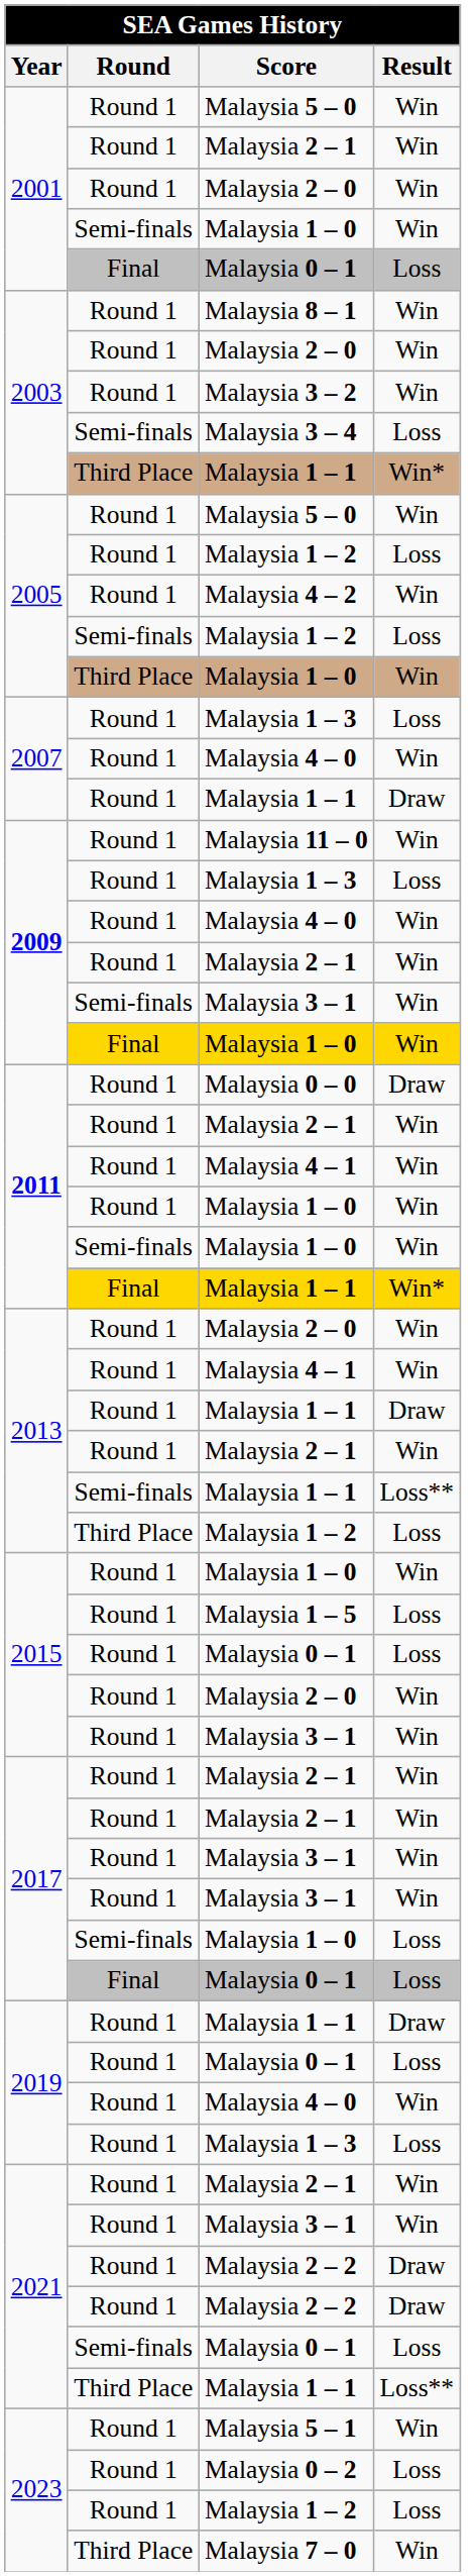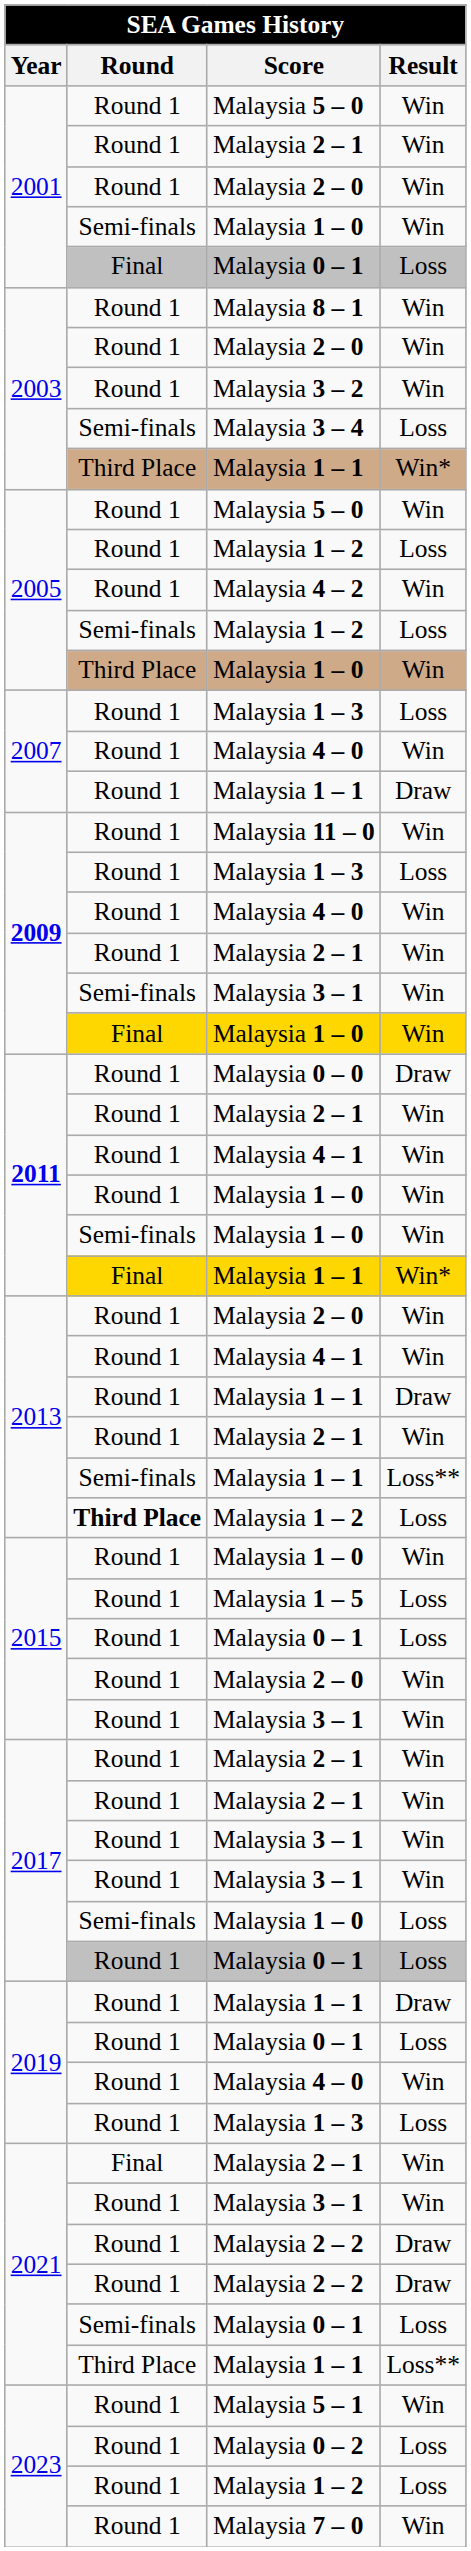 <table class="wikitable collapsible collapsed" style="text-align: center;">
 <tr>
 <th colspan=4 style="background: #000000; color: #FFFFFF;">SEA Games History</th>
 </tr>
 <tr>
 <th>Year</th>
 <th>Round</th>
 <th>Score</th>
 <th>Result</th>
 </tr>
 <tr>
 <td rowspan=5><a href='#'>2001</a></td>
 <td>Round 1</td>
 <td align="left"> Malaysia <strong>5 – 0</strong> </td>
 <td>Win</td>
 </tr>
 <tr>
 <td>Round 1</td>
 <td align="left"> Malaysia <strong>2 – 1</strong> </td>
 <td>Win</td>
 </tr>
 <tr>
 <td>Round 1</td>
 <td align="left"> Malaysia <strong>2 – 0</strong> </td>
 <td>Win</td>
 </tr>
 <tr>
 <td>Semi-finals</td>
 <td align="left"> Malaysia <strong>1 – 0</strong> </td>
 <td>Win</td>
 </tr>
 <tr style="background:silver;">
 <td>Final</td>
 <td align="left"> Malaysia <strong>0 – 1</strong> </td>
 <td>Loss</td>
 </tr>
 <tr>
 <td rowspan=5><a href='#'>2003</a></td>
 <td>Round 1</td>
 <td align="left"> Malaysia <strong>8 – 1</strong> </td>
 <td>Win</td>
 </tr>
 <tr>
 <td>Round 1</td>
 <td align="left"> Malaysia <strong>2 – 0</strong> </td>
 <td>Win</td>
 </tr>
 <tr>
 <td>Round 1</td>
 <td align="left"> Malaysia <strong>3 – 2</strong> </td>
 <td>Win</td>
 </tr>
 <tr>
 <td>Semi-finals</td>
 <td align="left"> Malaysia <strong>3 – 4</strong> </td>
 <td>Loss</td>
 </tr>
 <tr style="background:#cfaa88;">
 <td>Third Place</td>
 <td align="left"> Malaysia <strong>1 – 1</strong> </td>
 <td>Win*</td>
 </tr>
 <tr>
 <td rowspan=5><a href='#'>2005</a></td>
 <td>Round 1</td>
 <td align="left"> Malaysia <strong>5 – 0</strong> </td>
 <td>Win</td>
 </tr>
 <tr>
 <td>Round 1</td>
 <td align="left"> Malaysia <strong>1 – 2</strong> </td>
 <td>Loss</td>
 </tr>
 <tr>
 <td>Round 1</td>
 <td align="left"> Malaysia <strong>4 – 2</strong> </td>
 <td>Win</td>
 </tr>
 <tr>
 <td>Semi-finals</td>
 <td align="left"> Malaysia <strong>1 – 2</strong> </td>
 <td>Loss</td>
 </tr>
 <tr style="background:#cfaa88;">
 <td>Third Place</td>
 <td align="left"> Malaysia <strong>1 – 0</strong> </td>
 <td>Win</td>
 </tr>
 <tr>
 <td rowspan=3><a href='#'>2007</a></td>
 <td>Round 1</td>
 <td align="left"> Malaysia <strong>1 – 3</strong> </td>
 <td>Loss</td>
 </tr>
 <tr>
 <td>Round 1</td>
 <td align="left"> Malaysia <strong>4 – 0</strong> </td>
 <td>Win</td>
 </tr>
 <tr>
 <td>Round 1</td>
 <td align="left"> Malaysia <strong>1 – 1</strong> </td>
 <td>Draw</td>
 </tr>
 <tr>
 <td rowspan=6><strong><a href='#'>2009</a></strong></td>
 <td>Round 1</td>
 <td align="left"> Malaysia <strong>11 – 0</strong> </td>
 <td>Win</td>
 </tr>
 <tr>
 <td>Round 1</td>
 <td align="left"> Malaysia <strong>1 – 3</strong> </td>
 <td>Loss</td>
 </tr>
 <tr>
 <td>Round 1</td>
 <td align="left"> Malaysia <strong>4 – 0</strong> </td>
 <td>Win</td>
 </tr>
 <tr>
 <td>Round 1</td>
 <td align="left"> Malaysia <strong>2 – 1</strong> </td>
 <td>Win</td>
 </tr>
 <tr>
 <td>Semi-finals</td>
 <td align="left"> Malaysia <strong>3 – 1</strong> </td>
 <td>Win</td>
 </tr>
 <tr style="background:Gold;">
 <td>Final</td>
 <td align="left"> Malaysia <strong>1 – 0</strong> </td>
 <td>Win</td>
 </tr>
 <tr>
 <td rowspan=6><strong><a href='#'>2011</a></strong></td>
 <td>Round 1</td>
 <td align="left"> Malaysia <strong>0 – 0</strong> </td>
 <td>Draw</td>
 </tr>
 <tr>
 <td>Round 1</td>
 <td align="left"> Malaysia <strong>2 – 1</strong> </td>
 <td>Win</td>
 </tr>
 <tr>
 <td>Round 1</td>
 <td align="left"> Malaysia <strong>4 – 1</strong> </td>
 <td>Win</td>
 </tr>
 <tr>
 <td>Round 1</td>
 <td align="left"> Malaysia <strong>1 – 0</strong> </td>
 <td>Win</td>
 </tr>
 <tr>
 <td>Semi-finals</td>
 <td align="left"> Malaysia <strong>1 – 0</strong> </td>
 <td>Win</td>
 </tr>
 <tr style="background:Gold;">
 <td>Final</td>
 <td align="left"> Malaysia <strong>1 – 1</strong> </td>
 <td>Win*</td>
 </tr>
 <tr>
 <td rowspan=6><a href='#'>2013</a></td>
 <td>Round 1</td>
 <td align="left"> Malaysia <strong>2 – 0</strong> </td>
 <td>Win</td>
 </tr>
 <tr>
 <td>Round 1</td>
 <td align="left"> Malaysia <strong>4 – 1</strong> </td>
 <td>Win</td>
 </tr>
 <tr>
 <td>Round 1</td>
 <td align="left"> Malaysia <strong>1 – 1</strong> </td>
 <td>Draw</td>
 </tr>
 <tr>
 <td>Round 1</td>
 <td align="left"> Malaysia <strong>2 – 1</strong> </td>
 <td>Win</td>
 </tr>
 <tr>
 <td>Semi-finals</td>
 <td align="left"> Malaysia <strong>1 – 1</strong> </td>
 <td>Loss**</td>
 </tr>
 <tr>
-<td>Third Place</td>
+<td><strong>Third Place</strong></td>
 <td align="left"> Malaysia <strong>1 – 2</strong> </td>
 <td>Loss</td>
 </tr>
 <tr>
 <td rowspan=5><a href='#'>2015</a></td>
 <td>Round 1</td>
 <td align="left"> Malaysia <strong>1 – 0</strong> </td>
 <td>Win</td>
 </tr>
 <tr>
 <td>Round 1</td>
 <td align="left"> Malaysia <strong>1 – 5</strong> </td>
 <td>Loss</td>
 </tr>
 <tr>
 <td>Round 1</td>
 <td align="left"> Malaysia <strong>0 – 1</strong> </td>
 <td>Loss</td>
 </tr>
 <tr>
 <td>Round 1</td>
 <td align="left"> Malaysia <strong>2 – 0</strong> </td>
 <td>Win</td>
 </tr>
 <tr>
 <td>Round 1</td>
 <td align="left"> Malaysia <strong>3 – 1</strong> </td>
 <td>Win</td>
 </tr>
 <tr>
 <td rowspan=6><a href='#'>2017</a></td>
 <td>Round 1</td>
 <td align="left"> Malaysia <strong>2 – 1</strong> </td>
 <td>Win</td>
 </tr>
 <tr>
 <td>Round 1</td>
 <td align="left"> Malaysia <strong>2 – 1</strong> </td>
 <td>Win</td>
 </tr>
 <tr>
 <td>Round 1</td>
 <td align="left"> Malaysia <strong>3 – 1</strong> </td>
 <td>Win</td>
 </tr>
 <tr>
 <td>Round 1</td>
 <td align="left"> Malaysia <strong>3 – 1</strong> </td>
 <td>Win</td>
 </tr>
 <tr>
 <td>Semi-finals</td>
 <td align="left"> Malaysia <strong>1 – 0</strong> </td>
 <td>Loss</td>
 </tr>
 <tr style="background:silver;">
-<td>Final</td>
+<td>Round 1</td>
 <td align="left"> Malaysia <strong>0 – 1</strong> </td>
 <td>Loss</td>
 </tr>
 <tr>
 <td rowspan=4><a href='#'>2019</a></td>
 <td>Round 1</td>
 <td align="left"> Malaysia <strong>1 – 1</strong> </td>
 <td>Draw</td>
 </tr>
 <tr>
 <td>Round 1</td>
 <td align="left"> Malaysia <strong>0 – 1</strong> </td>
 <td>Loss</td>
 </tr>
 <tr>
 <td>Round 1</td>
 <td align="left"> Malaysia <strong>4 – 0</strong> </td>
 <td>Win</td>
 </tr>
 <tr>
 <td>Round 1</td>
 <td align="left"> Malaysia <strong>1 – 3</strong> </td>
 <td>Loss</td>
 </tr>
 <tr>
 <td rowspan=6><a href='#'>2021</a></td>
-<td>Round 1</td>
+<td>Final</td>
 <td align="left"> Malaysia <strong>2 – 1</strong> </td>
 <td>Win</td>
 </tr>
 <tr>
 <td>Round 1</td>
 <td align="left"> Malaysia <strong>3 – 1</strong> </td>
 <td>Win</td>
 </tr>
 <tr>
 <td>Round 1</td>
 <td align="left"> Malaysia <strong>2 – 2</strong> </td>
 <td>Draw</td>
 </tr>
 <tr>
 <td>Round 1</td>
 <td align="left"> Malaysia <strong>2 – 2</strong> </td>
 <td>Draw</td>
 </tr>
 <tr>
 <td>Semi-finals</td>
 <td align="left"> Malaysia <strong>0 – 1</strong> </td>
 <td>Loss</td>
 </tr>
 <tr>
 <td>Third Place</td>
 <td align="left"> Malaysia <strong>1 – 1</strong> </td>
 <td>Loss**</td>
 </tr>
 <tr>
 <td rowspan=4><a href='#'>2023</a></td>
 <td>Round 1</td>
 <td align="left"> Malaysia <strong>5 – 1</strong> </td>
 <td>Win</td>
 </tr>
 <tr>
 <td>Round 1</td>
 <td align="left"> Malaysia <strong>0 – 2</strong> </td>
 <td>Loss</td>
 </tr>
 <tr>
 <td>Round 1</td>
 <td align="left"> Malaysia <strong>1 – 2</strong> </td>
 <td>Loss</td>
 </tr>
 <tr>
-<td>Third Place</td>
+<td>Round 1</td>
 <td align="left"> Malaysia <strong>7 – 0</strong> </td>
 <td>Win</td>
 </tr>
 </table>
